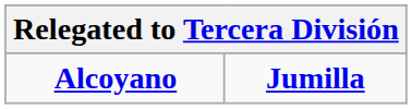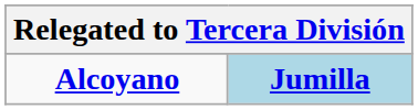 <table class="wikitable" style="text-align: center; margin: 0 auto;">
 <tr>
 <th colspan="2">Relegated to <a href='#'>Tercera División</a></th>
 </tr>
 <tr>
 <td><strong><a href='#'>Alcoyano</a></strong><br></td>
-<td><strong><a href='#'>Jumilla</a></strong><br></td>
+<td style="background: lightblue;"><strong><a href='#'>Jumilla</a></strong><br></td>
 </tr>
 </table>
